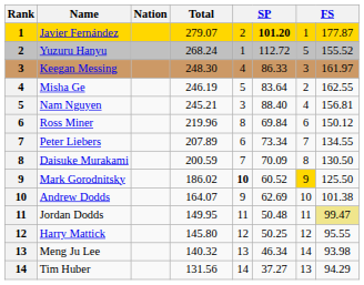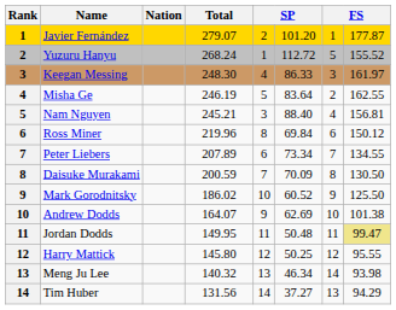 <table class="wikitable sortable">
 <tr>
 <th>Rank</th>
 <th>Name</th>
 <th>Nation</th>
 <th width="80px">Total</th>
 <th colspan="2" width="80px"><a href='#'>SP</a></th>
 <th colspan="2" width="80px"><a href='#'>FS</a></th>
 </tr>
 <tr bgcolor="gold">
 <td align="center"><strong>1</strong></td>
 <td><a href='#'>Javier Fernández</a></td>
 <td></td>
 <td align="center">279.07</td>
 <td align="center">2</td>
-<td align="center"><strong>101.20</strong></td>
+<td align="center">101.20</td>
 <td align="center">1</td>
 <td align="center">177.87</td>
 </tr>
 <tr bgcolor="silver">
 <td align="center"><strong>2</strong></td>
 <td><a href='#'>Yuzuru Hanyu</a></td>
 <td></td>
 <td align="center">268.24</td>
 <td align="center">1</td>
 <td align="center">112.72</td>
 <td align="center">5</td>
 <td align="center">155.52</td>
 </tr>
 <tr bgcolor="cc9966">
 <td align="center"><strong>3</strong></td>
 <td><a href='#'>Keegan Messing</a></td>
 <td></td>
 <td align="center">248.30</td>
 <td align="center">4</td>
 <td align="center">86.33</td>
 <td align="center">3</td>
 <td align="center">161.97</td>
 </tr>
 <tr>
 <th>4</th>
 <td><a href='#'>Misha Ge</a></td>
 <td></td>
 <td align="center">246.19</td>
 <td align="center">5</td>
 <td align="center">83.64</td>
 <td align="center">2</td>
 <td align="center">162.55</td>
 </tr>
 <tr>
 <th>5</th>
 <td><a href='#'>Nam Nguyen</a></td>
 <td></td>
 <td align="center">245.21</td>
 <td align="center">3</td>
 <td align="center">88.40</td>
 <td align="center">4</td>
 <td align="center">156.81</td>
 </tr>
 <tr>
 <th>6</th>
 <td><a href='#'>Ross Miner</a></td>
 <td></td>
 <td align="center">219.96</td>
 <td align="center">8</td>
 <td align="center">69.84</td>
 <td align="center">6</td>
 <td align="center">150.12</td>
 </tr>
 <tr>
 <th>7</th>
 <td><a href='#'>Peter Liebers</a></td>
 <td></td>
 <td align="center">207.89</td>
 <td align="center">6</td>
 <td align="center">73.34</td>
 <td align="center">7</td>
 <td align="center">134.55</td>
 </tr>
 <tr>
 <th>8</th>
 <td><a href='#'>Daisuke Murakami</a></td>
 <td></td>
 <td align="center">200.59</td>
 <td align="center">7</td>
 <td align="center">70.09</td>
 <td align="center">8</td>
 <td align="center">130.50</td>
 </tr>
 <tr>
 <th>9</th>
 <td><a href='#'>Mark Gorodnitsky</a></td>
 <td></td>
 <td align="center">186.02</td>
-<td align="center"><strong>10</strong></td>
+<td align="center">10</td>
 <td align="center">60.52</td>
-<td align="center" style="background: gold;">9</td>
+<td align="center">9</td>
 <td align="center">125.50</td>
 </tr>
 <tr>
 <th>10</th>
 <td><a href='#'>Andrew Dodds</a></td>
 <td></td>
 <td align="center">164.07</td>
 <td align="center">9</td>
 <td align="center">62.69</td>
 <td align="center">10</td>
 <td align="center">101.38</td>
 </tr>
 <tr>
 <th>11</th>
 <td>Jordan Dodds</td>
 <td></td>
 <td align="center">149.95</td>
 <td align="center">11</td>
 <td align="center">50.48</td>
 <td align="center">11</td>
 <td align="center" style="background: khaki;">99.47</td>
 </tr>
 <tr>
 <th>12</th>
 <td><a href='#'>Harry Mattick</a></td>
 <td></td>
 <td align="center">145.80</td>
 <td align="center">12</td>
 <td align="center">50.25</td>
 <td align="center">12</td>
 <td align="center">95.55</td>
 </tr>
 <tr>
 <th>13</th>
 <td>Meng Ju Lee</td>
 <td></td>
 <td align="center">140.32</td>
 <td align="center">13</td>
 <td align="center">46.34</td>
 <td align="center">14</td>
 <td align="center">93.98</td>
 </tr>
 <tr>
 <th>14</th>
 <td>Tim Huber</td>
 <td></td>
 <td align="center">131.56</td>
 <td align="center">14</td>
 <td align="center">37.27</td>
 <td align="center">13</td>
 <td align="center">94.29</td>
 </tr>
 </table>
